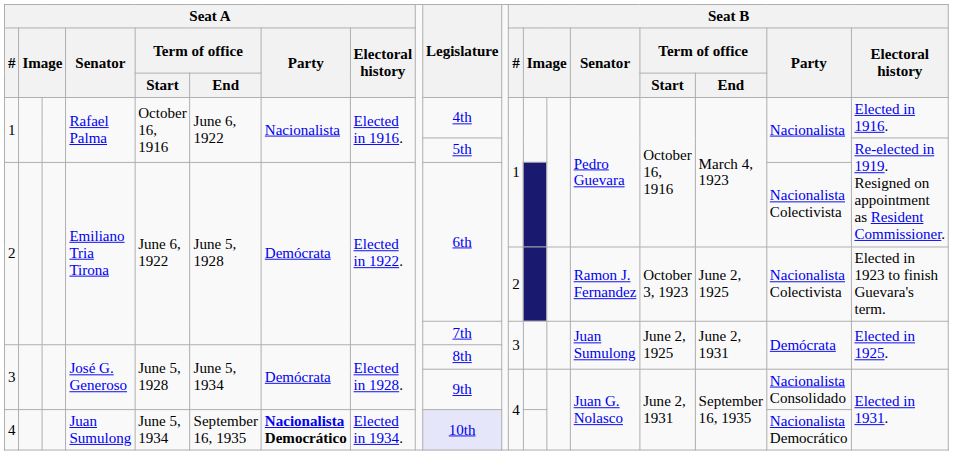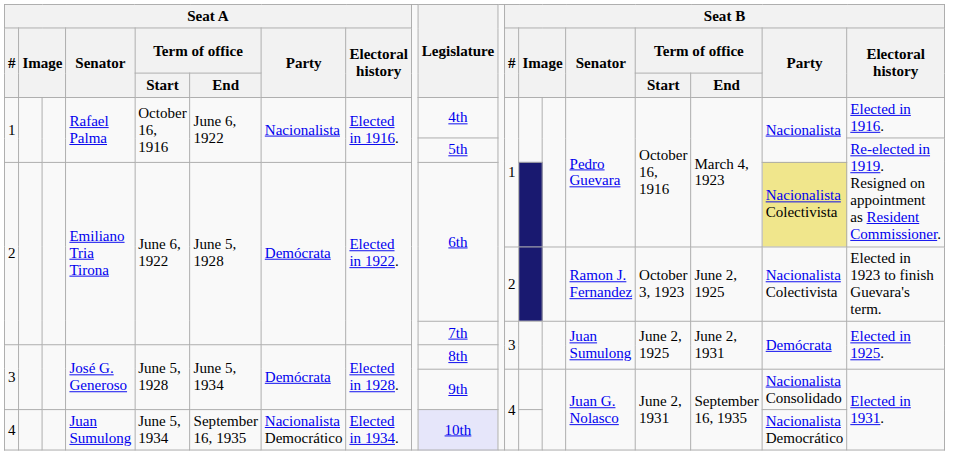 <table class="wikitable">
 <tr>
 <th colspan="8">Seat A</th>
 <td rowspan="99"></td>
 <th rowspan="3">Legislature</th>
 <td rowspan="99"></td>
 <th colspan="8">Seat B</th>
 </tr>
 <tr style="height:3em">
 <th rowspan="2">#</th>
 <th rowspan="2" colspan="2">Image</th>
 <th rowspan="2">Senator</th>
 <th colspan="2">Term of office</th>
 <th rowspan="2">Party</th>
 <th rowspan="2">Electoral history</th>
 <th rowspan="2">#</th>
 <th rowspan="2" colspan="2">Image</th>
 <th rowspan="2">Senator</th>
 <th colspan="2">Term of office</th>
 <th rowspan="2">Party</th>
 <th rowspan="2">Electoral history</th>
 </tr>
 <tr>
 <th>Start</th>
 <th>End</th>
 <th>Start</th>
 <th>End</th>
 </tr>
 <tr>
 <td rowspan="2" style="text-align:center;">1</td>
 <td rowspan="2" style="background:"></td>
 <td rowspan="2"></td>
 <td rowspan="2"><a href='#'>Rafael Palma</a></td>
 <td rowspan="2">October 16, 1916</td>
 <td rowspan="2">June 6, 1922</td>
 <td rowspan="2"><a href='#'>Nacionalista</a></td>
 <td rowspan="2"><a href='#'>Elected in 1916</a>.</td>
 <td style="text-align:center;"><a href='#'>4th</a></td>
 <td rowspan="3" style="text-align:center;">1</td>
 <td rowspan="2" style="background:"></td>
 <td rowspan="3"></td>
 <td rowspan="3"><a href='#'>Pedro Guevara</a></td>
 <td rowspan="3">October 16, 1916</td>
 <td rowspan="3">March 4, 1923</td>
 <td rowspan="2"><a href='#'>Nacionalista</a></td>
 <td><a href='#'>Elected in 1916</a>.</td>
 </tr>
 <tr>
 <td style="text-align:center;"><a href='#'>5th</a></td>
 <td rowspan="2"><a href='#'>Re-elected in 1919</a>.<br>Resigned on appointment as <a href='#'>Resident Commissioner</a>.</td>
 </tr>
 <tr>
 <td rowspan="3" style="text-align:center;">2</td>
 <td rowspan="3" style="background:"></td>
 <td rowspan="3"></td>
 <td rowspan="3"><a href='#'>Emiliano Tria Tirona</a></td>
 <td rowspan="3">June 6, 1922</td>
 <td rowspan="3">June 5, 1928</td>
 <td rowspan="3"><a href='#'>Demócrata</a></td>
 <td rowspan="3"><a href='#'>Elected in 1922</a>.</td>
 <td rowspan="2" style="text-align:center;"><a href='#'>6th</a></td>
 <td style="background-color:#191970"></td>
-<td><a href='#'>Nacionalista</a><br>Colectivista</td>
+<td style="background: khaki;"><a href='#'>Nacionalista</a><br>Colectivista</td>
 </tr>
 <tr>
 <td style="text-align:center;">2</td>
 <td style="background-color:#191970"></td>
 <td></td>
 <td><a href='#'>Ramon J. Fernandez</a></td>
 <td>October 3, 1923</td>
 <td>June 2, 1925</td>
 <td><a href='#'>Nacionalista</a><br>Colectivista</td>
 <td>Elected in 1923 to finish Guevara's term.</td>
 </tr>
 <tr>
 <td style="text-align:center;"><a href='#'>7th</a></td>
 <td rowspan="2" style="text-align:center;">3</td>
 <td rowspan="2" style="background:"></td>
 <td rowspan="2"></td>
 <td rowspan="2"><a href='#'>Juan Sumulong</a></td>
 <td rowspan="2">June 2, 1925</td>
 <td rowspan="2">June 2, 1931</td>
 <td rowspan="2"><a href='#'>Demócrata</a></td>
 <td rowspan="2"><a href='#'>Elected in 1925</a>.</td>
 </tr>
 <tr>
 <td rowspan="2" style="text-align:center;">3</td>
 <td rowspan="2" style="background:"></td>
 <td rowspan="2"></td>
 <td rowspan="2"><a href='#'>José G. Generoso</a></td>
 <td rowspan="2">June 5, 1928</td>
 <td rowspan="2">June 5, 1934</td>
 <td rowspan="2"><a href='#'>Demócrata</a></td>
 <td rowspan="2"><a href='#'>Elected in 1928</a>.</td>
 <td style="text-align:center;"><a href='#'>8th</a></td>
 </tr>
 <tr>
 <td style="text-align:center;"><a href='#'>9th</a></td>
 <td rowspan="2" style="text-align:center;">4</td>
 <td style="background:"></td>
 <td rowspan="2"></td>
 <td rowspan="2"><a href='#'>Juan G. Nolasco</a></td>
 <td rowspan="2">June 2, 1931</td>
 <td rowspan="2">September 16, 1935</td>
 <td><a href='#'>Nacionalista</a><br>Consolidado</td>
 <td rowspan="2"><a href='#'>Elected in 1931</a>.</td>
 </tr>
 <tr>
 <td style="text-align:center;">4</td>
 <td style="background:"></td>
 <td></td>
 <td><a href='#'>Juan Sumulong</a></td>
 <td>June 5, 1934</td>
 <td>September 16, 1935</td>
-<td><strong><a href='#'>Nacionalista</a><br>Democrático</strong></td>
+<td><a href='#'>Nacionalista</a><br>Democrático</td>
 <td><a href='#'>Elected in 1934</a>.</td>
 <td style="background: lavender; text-align:center;"><a href='#'>10th</a></td>
 <td style="background:"></td>
 <td><a href='#'>Nacionalista</a><br>Democrático</td>
 </tr>
 </table>
